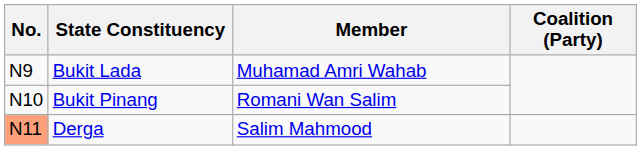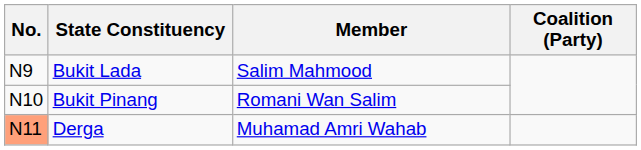 <table class="wikitable">
 <tr>
 <th width="30">No.</th>
 <th width="150">State Constituency</th>
 <th width="230">Member</th>
 <th width="100">Coalition (Party)</th>
 </tr>
 <tr>
 <td>N9</td>
 <td><a href='#'>Bukit Lada</a></td>
-<td><a href='#'>Muhamad Amri Wahab</a></td>
+<td><a href='#'>Salim Mahmood</a></td>
 <td rowspan="2"></td>
 </tr>
 <tr>
 <td>N10</td>
 <td><a href='#'>Bukit Pinang</a></td>
 <td><a href='#'>Romani Wan Salim</a></td>
 </tr>
 <tr>
 <td style="background: lightsalmon;">N11</td>
 <td><a href='#'>Derga</a></td>
-<td><a href='#'>Salim Mahmood</a></td>
+<td><a href='#'>Muhamad Amri Wahab</a></td>
 <td></td>
 </tr>
 </table>
